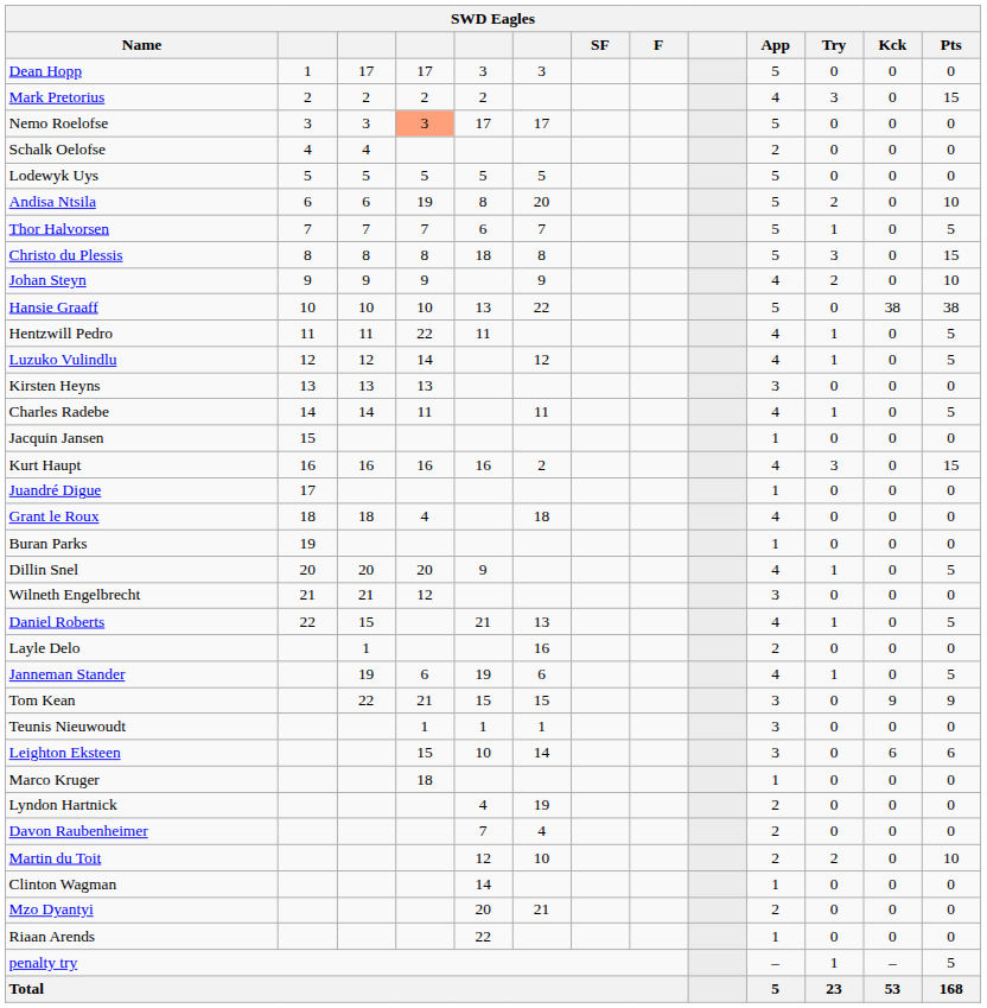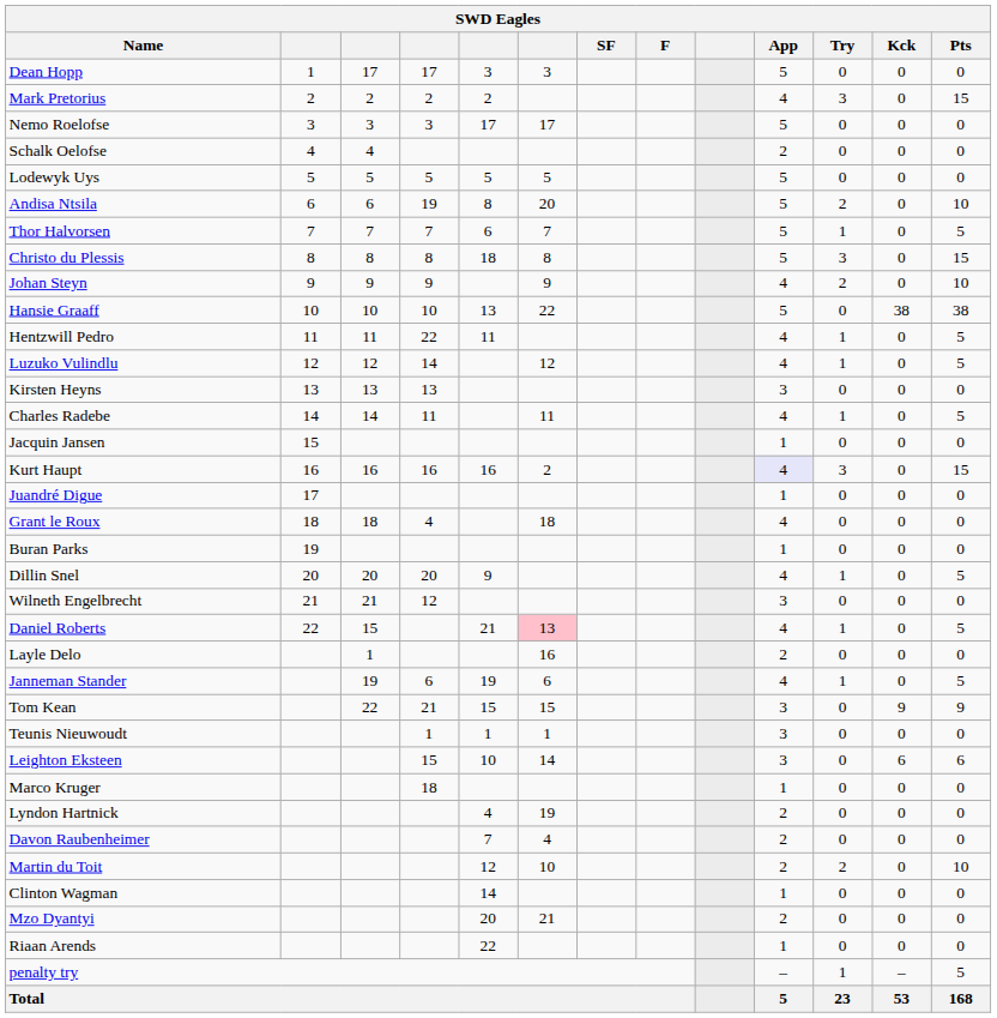 <table class="wikitable collapsible collapsed sortable" style="text-align:center; font-size:90%; width:70%">
 <tr>
 <th colspan="100%">SWD Eagles</th>
 </tr>
 <tr>
 <th style="width:28%;">Name</th>
 <th style="width:6%;"></th>
 <th style="width:6%;"></th>
 <th style="width:6%;"></th>
 <th style="width:6%;"></th>
 <th style="width:6%;"></th>
 <th style="width:6%;">SF</th>
 <th style="width:6%;">F</th>
 <th style="width:6%;"></th>
 <th style="width:6%;">App</th>
 <th style="width:6%;">Try</th>
 <th style="width:6%;">Kck</th>
 <th style="width:6%;">Pts</th>
 </tr>
 <tr>
 <td style="text-align:left;"><a href='#'>Dean Hopp</a></td>
 <td>1</td>
 <td>17 </td>
 <td>17 </td>
 <td>3</td>
 <td>3</td>
 <td></td>
 <td></td>
 <td style="background:#ECECEC;"></td>
 <td>5</td>
 <td>0</td>
 <td>0</td>
 <td>0</td>
 </tr>
 <tr>
 <td style="text-align:left;"><a href='#'>Mark Pretorius</a></td>
 <td>2</td>
 <td>2</td>
 <td>2</td>
 <td>2</td>
 <td></td>
 <td></td>
 <td></td>
 <td style="background:#ECECEC;"></td>
 <td>4</td>
 <td>3</td>
 <td>0</td>
 <td>15</td>
 </tr>
 <tr>
 <td style="text-align:left;">Nemo Roelofse</td>
 <td>3</td>
 <td>3</td>
-<td style="background: lightsalmon;">3</td>
+<td>3</td>
 <td>17 </td>
 <td>17 </td>
 <td></td>
 <td></td>
 <td style="background:#ECECEC;"></td>
 <td>5</td>
 <td>0</td>
 <td>0</td>
 <td>0</td>
 </tr>
 <tr>
 <td style="text-align:left;">Schalk Oelofse</td>
 <td>4</td>
 <td>4</td>
 <td></td>
 <td></td>
 <td></td>
 <td></td>
 <td></td>
 <td style="background:#ECECEC;"></td>
 <td>2</td>
 <td>0</td>
 <td>0</td>
 <td>0</td>
 </tr>
 <tr>
 <td style="text-align:left;">Lodewyk Uys</td>
 <td>5</td>
 <td>5</td>
 <td>5</td>
 <td>5</td>
 <td>5</td>
 <td></td>
 <td></td>
 <td style="background:#ECECEC;"></td>
 <td>5</td>
 <td>0</td>
 <td>0</td>
 <td>0</td>
 </tr>
 <tr>
 <td style="text-align:left;"><a href='#'>Andisa Ntsila</a></td>
 <td>6</td>
 <td>6</td>
 <td>19 </td>
 <td>8</td>
 <td>20 </td>
 <td></td>
 <td></td>
 <td style="background:#ECECEC;"></td>
 <td>5</td>
 <td>2</td>
 <td>0</td>
 <td>10</td>
 </tr>
 <tr>
 <td style="text-align:left;"><a href='#'>Thor Halvorsen</a></td>
 <td>7</td>
 <td>7</td>
 <td>7</td>
 <td>6</td>
 <td>7</td>
 <td></td>
 <td></td>
 <td style="background:#ECECEC;"></td>
 <td>5</td>
 <td>1</td>
 <td>0</td>
 <td>5</td>
 </tr>
 <tr>
 <td style="text-align:left;"><a href='#'>Christo du Plessis</a></td>
 <td>8</td>
 <td>8</td>
 <td>8</td>
 <td>18 </td>
 <td>8</td>
 <td></td>
 <td></td>
 <td style="background:#ECECEC;"></td>
 <td>5</td>
 <td>3</td>
 <td>0</td>
 <td>15</td>
 </tr>
 <tr>
 <td style="text-align:left;"><a href='#'>Johan Steyn</a></td>
 <td>9</td>
 <td>9</td>
 <td>9</td>
 <td></td>
 <td>9</td>
 <td></td>
 <td></td>
 <td style="background:#ECECEC;"></td>
 <td>4</td>
 <td>2</td>
 <td>0</td>
 <td>10</td>
 </tr>
 <tr>
 <td style="text-align:left;"><a href='#'>Hansie Graaff</a></td>
 <td>10</td>
 <td>10</td>
 <td>10</td>
 <td>13</td>
 <td>22 </td>
 <td></td>
 <td></td>
 <td style="background:#ECECEC;"></td>
 <td>5</td>
 <td>0</td>
 <td>38</td>
 <td>38</td>
 </tr>
 <tr>
 <td style="text-align:left;">Hentzwill Pedro</td>
 <td>11</td>
 <td>11</td>
 <td>22 </td>
 <td>11</td>
 <td></td>
 <td></td>
 <td></td>
 <td style="background:#ECECEC;"></td>
 <td>4</td>
 <td>1</td>
 <td>0</td>
 <td>5</td>
 </tr>
 <tr>
 <td style="text-align:left;"><a href='#'>Luzuko Vulindlu</a></td>
 <td>12</td>
 <td>12</td>
 <td>14</td>
 <td></td>
 <td>12</td>
 <td></td>
 <td></td>
 <td style="background:#ECECEC;"></td>
 <td>4</td>
 <td>1</td>
 <td>0</td>
 <td>5</td>
 </tr>
 <tr>
 <td style="text-align:left;">Kirsten Heyns</td>
 <td>13</td>
 <td>13</td>
 <td>13</td>
 <td></td>
 <td></td>
 <td></td>
 <td></td>
 <td style="background:#ECECEC;"></td>
 <td>3</td>
 <td>0</td>
 <td>0</td>
 <td>0</td>
 </tr>
 <tr>
 <td style="text-align:left;">Charles Radebe</td>
 <td>14</td>
 <td>14</td>
 <td>11</td>
 <td></td>
 <td>11</td>
 <td></td>
 <td></td>
 <td style="background:#ECECEC;"></td>
 <td>4</td>
 <td>1</td>
 <td>0</td>
 <td>5</td>
 </tr>
 <tr>
 <td style="text-align:left;">Jacquin Jansen</td>
 <td>15</td>
 <td></td>
 <td></td>
 <td></td>
 <td></td>
 <td></td>
 <td></td>
 <td style="background:#ECECEC;"></td>
 <td>1</td>
 <td>0</td>
 <td>0</td>
 <td>0</td>
 </tr>
 <tr>
 <td style="text-align:left;">Kurt Haupt</td>
 <td>16 </td>
 <td>16</td>
 <td>16 </td>
 <td>16 </td>
 <td>2</td>
 <td></td>
 <td></td>
 <td style="background:#ECECEC;"></td>
-<td>4</td>
+<td style="background: lavender;">4</td>
 <td>3</td>
 <td>0</td>
 <td>15</td>
 </tr>
 <tr>
 <td style="text-align:left;"><a href='#'>Juandré Digue</a></td>
 <td>17 </td>
 <td></td>
 <td></td>
 <td></td>
 <td></td>
 <td></td>
 <td></td>
 <td style="background:#ECECEC;"></td>
 <td>1</td>
 <td>0</td>
 <td>0</td>
 <td>0</td>
 </tr>
 <tr>
 <td style="text-align:left;"><a href='#'>Grant le Roux</a></td>
 <td>18 </td>
 <td>18 </td>
 <td>4</td>
 <td></td>
 <td>18 </td>
 <td></td>
 <td></td>
 <td style="background:#ECECEC;"></td>
 <td>4</td>
 <td>0</td>
 <td>0</td>
 <td>0</td>
 </tr>
 <tr>
 <td style="text-align:left;">Buran Parks</td>
 <td>19 </td>
 <td></td>
 <td></td>
 <td></td>
 <td></td>
 <td></td>
 <td></td>
 <td style="background:#ECECEC;"></td>
 <td>1</td>
 <td>0</td>
 <td>0</td>
 <td>0</td>
 </tr>
 <tr>
 <td style="text-align:left;">Dillin Snel</td>
 <td>20 </td>
 <td>20 </td>
 <td>20 </td>
 <td>9</td>
 <td></td>
 <td></td>
 <td></td>
 <td style="background:#ECECEC;"></td>
 <td>4</td>
 <td>1</td>
 <td>0</td>
 <td>5</td>
 </tr>
 <tr>
 <td style="text-align:left;">Wilneth Engelbrecht</td>
 <td>21 </td>
 <td>21 </td>
 <td>12</td>
 <td></td>
 <td></td>
 <td></td>
 <td></td>
 <td style="background:#ECECEC;"></td>
 <td>3</td>
 <td>0</td>
 <td>0</td>
 <td>0</td>
 </tr>
 <tr>
 <td style="text-align:left;"><a href='#'>Daniel Roberts</a></td>
 <td>22 </td>
 <td>15</td>
 <td></td>
 <td>21 </td>
-<td>13</td>
+<td style="background: pink;">13</td>
 <td></td>
 <td></td>
 <td style="background:#ECECEC;"></td>
 <td>4</td>
 <td>1</td>
 <td>0</td>
 <td>5</td>
 </tr>
 <tr>
 <td style="text-align:left;">Layle Delo</td>
 <td></td>
 <td>1</td>
 <td></td>
 <td></td>
 <td>16 </td>
 <td></td>
 <td></td>
 <td style="background:#ECECEC;"></td>
 <td>2</td>
 <td>0</td>
 <td>0</td>
 <td>0</td>
 </tr>
 <tr>
 <td style="text-align:left;"><a href='#'>Janneman Stander</a></td>
 <td></td>
 <td>19 </td>
 <td>6</td>
 <td>19 </td>
 <td>6</td>
 <td></td>
 <td></td>
 <td style="background:#ECECEC;"></td>
 <td>4</td>
 <td>1</td>
 <td>0</td>
 <td>5</td>
 </tr>
 <tr>
 <td style="text-align:left;">Tom Kean</td>
 <td></td>
 <td>22 </td>
 <td>21</td>
 <td>15</td>
 <td>15</td>
 <td></td>
 <td></td>
 <td style="background:#ECECEC;"></td>
 <td>3</td>
 <td>0</td>
 <td>9</td>
 <td>9</td>
 </tr>
 <tr>
 <td style="text-align:left;">Teunis Nieuwoudt</td>
 <td></td>
 <td></td>
 <td>1</td>
 <td>1</td>
 <td>1</td>
 <td></td>
 <td></td>
 <td style="background:#ECECEC;"></td>
 <td>3</td>
 <td>0</td>
 <td>0</td>
 <td>0</td>
 </tr>
 <tr>
 <td style="text-align:left;"><a href='#'>Leighton Eksteen</a></td>
 <td></td>
 <td></td>
 <td>15</td>
 <td>10</td>
 <td>14</td>
 <td></td>
 <td></td>
 <td style="background:#ECECEC;"></td>
 <td>3</td>
 <td>0</td>
 <td>6</td>
 <td>6</td>
 </tr>
 <tr>
 <td style="text-align:left;">Marco Kruger</td>
 <td></td>
 <td></td>
 <td>18 </td>
 <td></td>
 <td></td>
 <td></td>
 <td></td>
 <td style="background:#ECECEC;"></td>
 <td>1</td>
 <td>0</td>
 <td>0</td>
 <td>0</td>
 </tr>
 <tr>
 <td style="text-align:left;">Lyndon Hartnick</td>
 <td></td>
 <td></td>
 <td></td>
 <td>4</td>
 <td>19 </td>
 <td></td>
 <td></td>
 <td style="background:#ECECEC;"></td>
 <td>2</td>
 <td>0</td>
 <td>0</td>
 <td>0</td>
 </tr>
 <tr>
 <td style="text-align:left;"><a href='#'>Davon Raubenheimer</a></td>
 <td></td>
 <td></td>
 <td></td>
 <td>7</td>
 <td>4</td>
 <td></td>
 <td></td>
 <td style="background:#ECECEC;"></td>
 <td>2</td>
 <td>0</td>
 <td>0</td>
 <td>0</td>
 </tr>
 <tr>
 <td style="text-align:left;"><a href='#'>Martin du Toit</a></td>
 <td></td>
 <td></td>
 <td></td>
 <td>12</td>
 <td>10</td>
 <td></td>
 <td></td>
 <td style="background:#ECECEC;"></td>
 <td>2</td>
 <td>2</td>
 <td>0</td>
 <td>10</td>
 </tr>
 <tr>
 <td style="text-align:left;">Clinton Wagman</td>
 <td></td>
 <td></td>
 <td></td>
 <td>14</td>
 <td></td>
 <td></td>
 <td></td>
 <td style="background:#ECECEC;"></td>
 <td>1</td>
 <td>0</td>
 <td>0</td>
 <td>0</td>
 </tr>
 <tr>
 <td style="text-align:left;"><a href='#'>Mzo Dyantyi</a></td>
 <td></td>
 <td></td>
 <td></td>
 <td>20 </td>
 <td>21 </td>
 <td></td>
 <td></td>
 <td style="background:#ECECEC;"></td>
 <td>2</td>
 <td>0</td>
 <td>0</td>
 <td>0</td>
 </tr>
 <tr>
 <td style="text-align:left;">Riaan Arends</td>
 <td></td>
 <td></td>
 <td></td>
 <td>22 </td>
 <td></td>
 <td></td>
 <td></td>
 <td style="background:#ECECEC;"></td>
 <td>1</td>
 <td>0</td>
 <td>0</td>
 <td>0</td>
 </tr>
 <tr>
 <td colspan="8" style="text-align:left;"><a href='#'>penalty try</a></td>
 <td style="background:#ECECEC;"></td>
 <td>–</td>
 <td>1</td>
 <td>–</td>
 <td>5</td>
 </tr>
 <tr>
 <th colspan="8" style="text-align:left;">Total</th>
 <th style="background:#ECECEC;"></th>
 <th>5</th>
 <th>23</th>
 <th>53</th>
 <th>168</th>
 </tr>
 </table>
